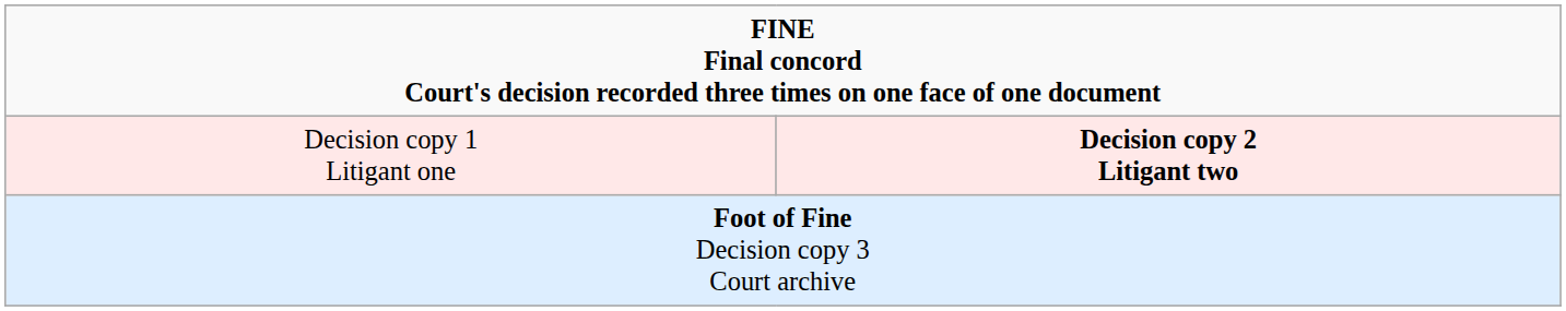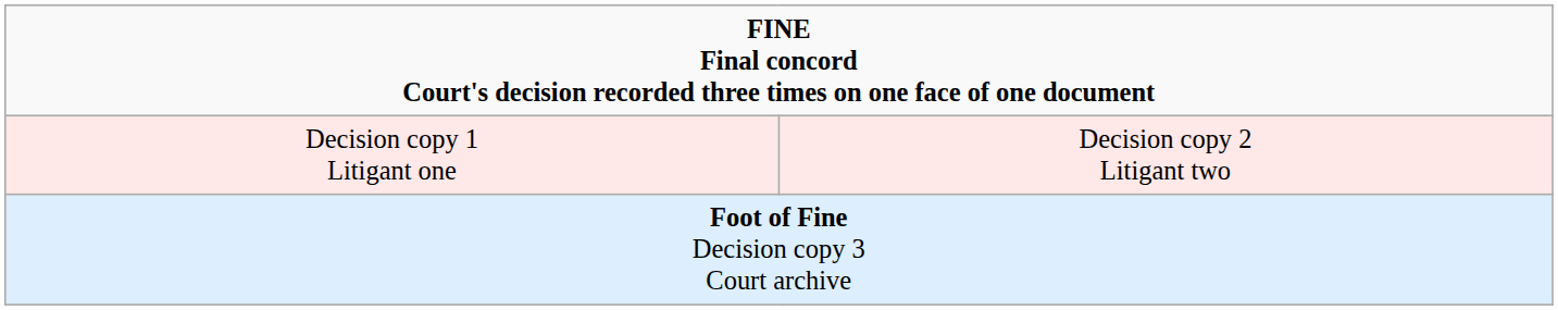 <table border="2" cellpadding="4" cellspacing="0" style="margin: 1em 1em 1em 0; background: #f9f9f9; border: 1px #aaa solid; border-collapse: collapse; font-size: 95%;" width=70%>
 <tr ---->
 <th colspan=2 align=center>FINE <br>Final concord <br>Court's decision recorded three times on one face of one document</th>
 </tr>
 <tr ---- bgcolor=#FFE8E8>
 <td align=center>Decision copy 1 <br>Litigant one</td>
-<td align=center><strong>Decision copy 2 <br>Litigant two</strong></td>
+<td align=center>Decision copy 2 <br>Litigant two</td>
 </tr>
 <tr ---- bgcolor=#DDEEFF>
 <td colspan=2 align=center><strong>Foot of Fine</strong><br>Decision copy 3<br>Court archive</td>
 </tr>
 </table>
